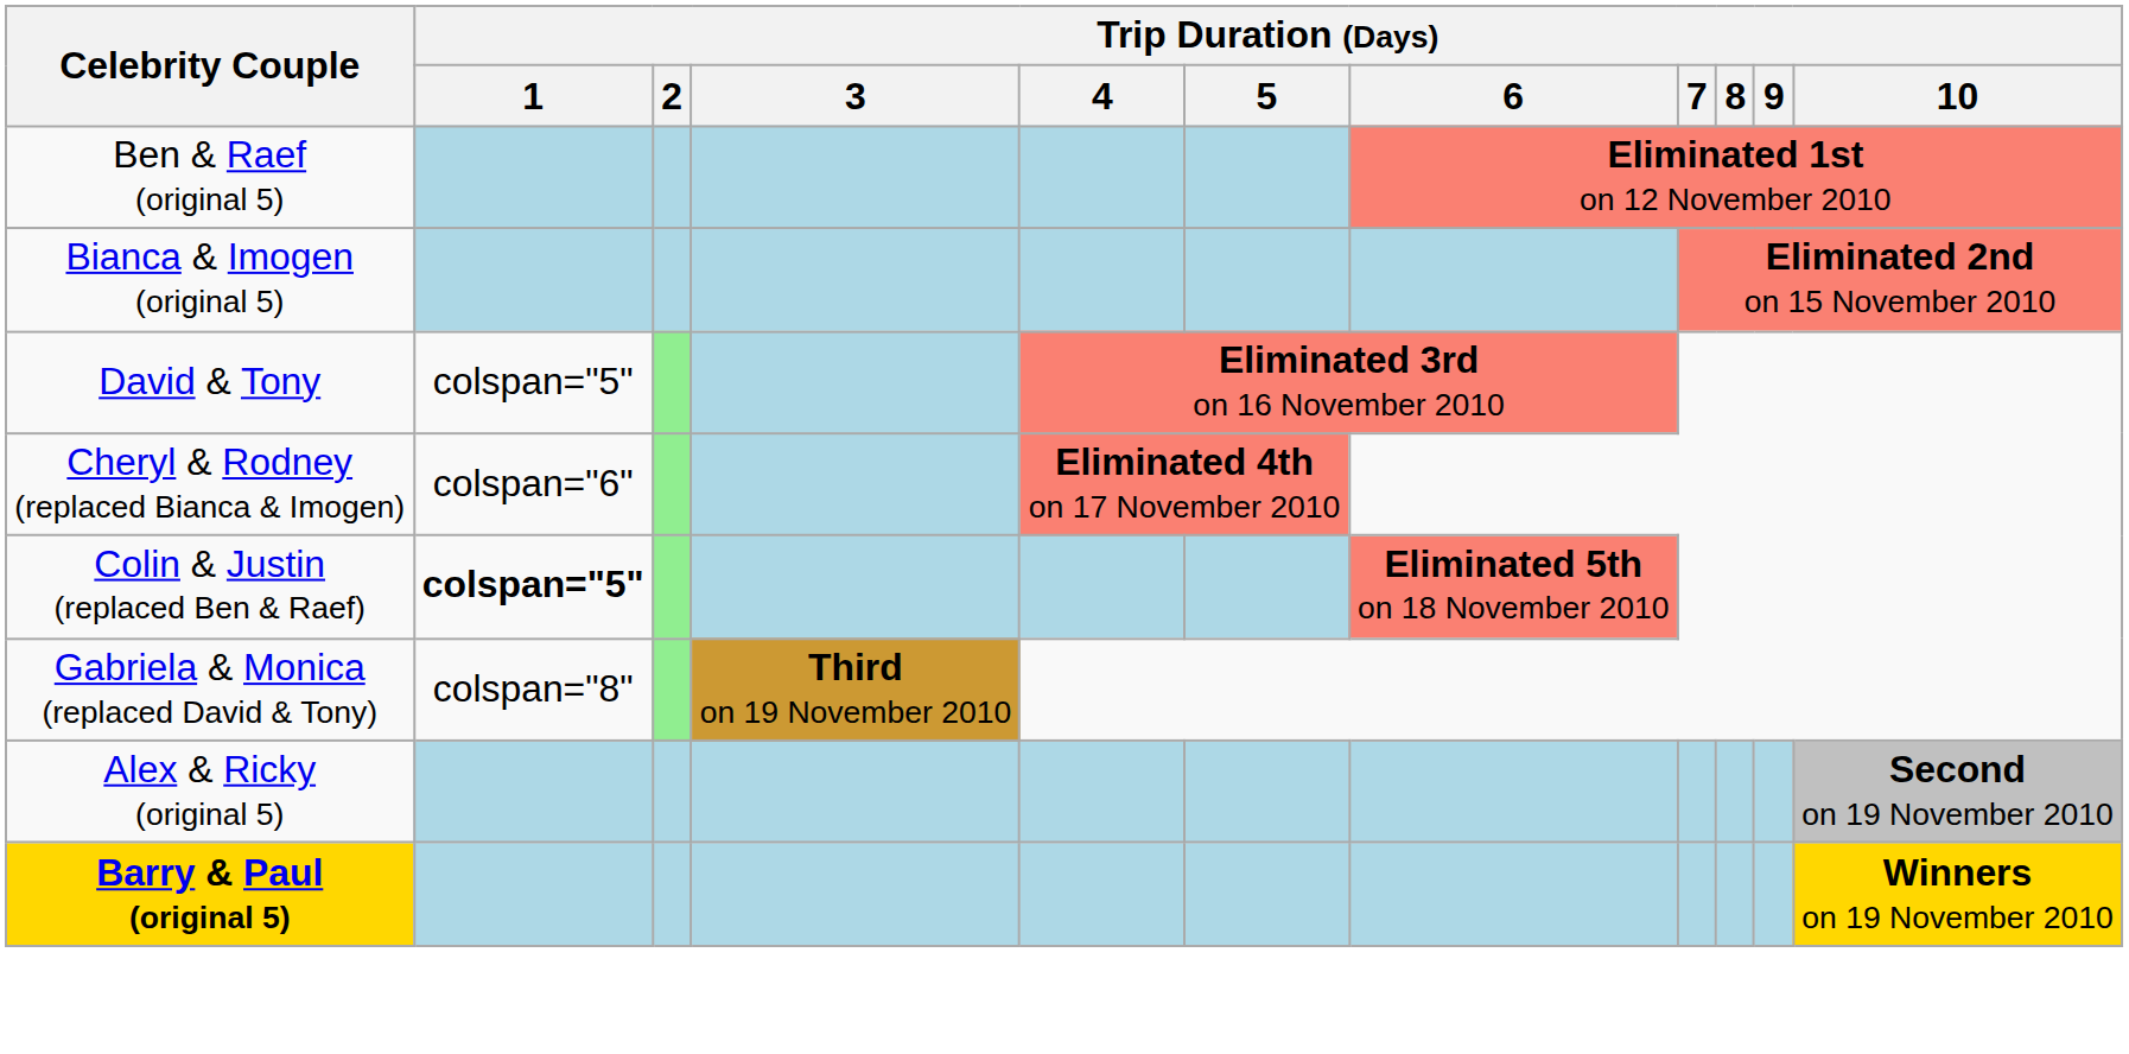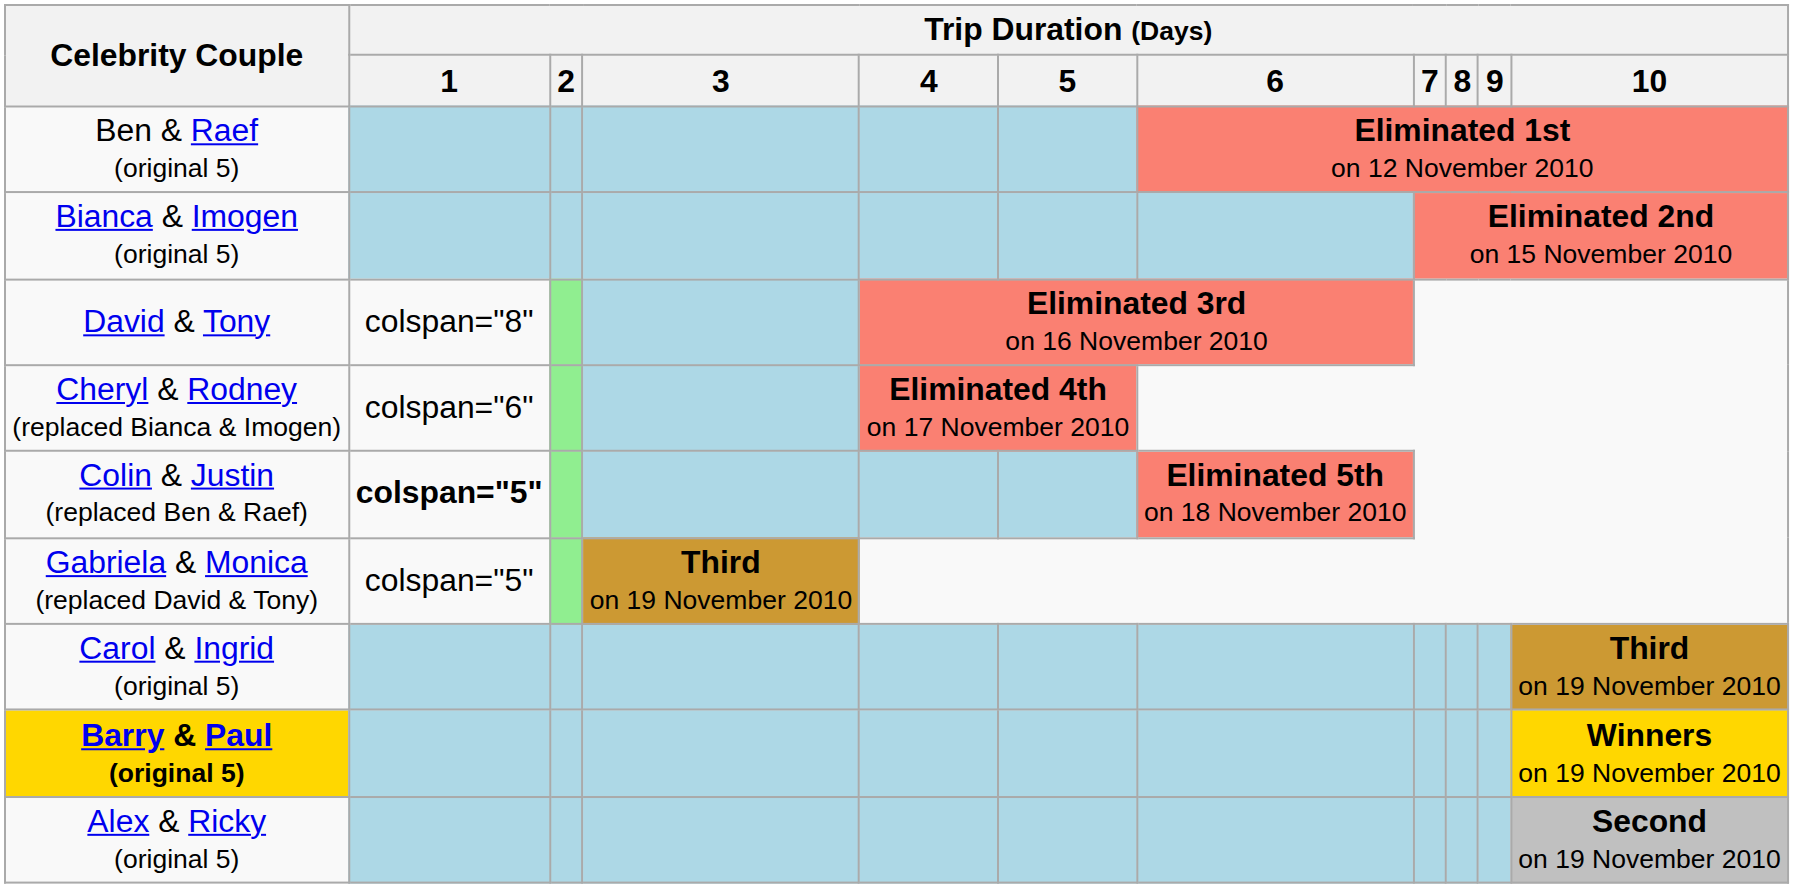 <table class="wikitable" style="text-align:center;">
 <tr>
 <th rowspan="2">Celebrity Couple</th>
 <th colspan="10">Trip Duration <small>(Days)</small></th>
 </tr>
 <tr>
 <th>1</th>
 <th>2</th>
 <th>3</th>
 <th>4</th>
 <th>5</th>
 <th>6</th>
 <th>7</th>
 <th>8</th>
 <th>9</th>
 <th>10</th>
 </tr>
 <tr>
 <td>Ben & <a href='#'>Raef</a><br><small>(original 5)</small></td>
 <td style="background:lightblue;"></td>
 <td style="background:lightblue;"></td>
 <td style="background:lightblue;"></td>
 <td style="background:lightblue;"></td>
 <td style="background:lightblue;"></td>
 <td colspan="5" style="background:salmon;"><strong>Eliminated 1st</strong><br><small>on 12 November 2010</small></td>
 </tr>
 <tr>
 <td><a href='#'>Bianca</a> & <a href='#'>Imogen</a><br><small>(original 5)</small></td>
 <td style="background:lightblue;"></td>
 <td style="background:lightblue;"></td>
 <td style="background:lightblue;"></td>
 <td style="background:lightblue;"></td>
 <td style="background:lightblue;"></td>
 <td style="background:lightblue;"></td>
 <td colspan="4" style="background:salmon;"><strong>Eliminated 2nd</strong><br><small>on 15 November 2010</small></td>
 </tr>
 <tr>
 <td><a href='#'>David</a> & <a href='#'>Tony</a></td>
-<td>colspan="5" </td>
+<td>colspan="8" </td>
 <td style="background:lightgreen;"></td>
 <td style="background:lightblue;"></td>
 <td colspan="3" style="background:salmon;"><strong>Eliminated 3rd</strong><br><small>on 16 November 2010</small></td>
 </tr>
 <tr>
 <td><a href='#'>Cheryl</a> & <a href='#'>Rodney</a><br><small>(replaced Bianca & Imogen)</small></td>
 <td>colspan="6" </td>
 <td style="background:lightgreen;"></td>
 <td style="background:lightblue;"></td>
 <td colspan="2" style="background:salmon;"><strong>Eliminated 4th</strong><br><small>on 17 November 2010</small></td>
 </tr>
 <tr>
 <td><a href='#'>Colin</a> & <a href='#'>Justin</a><br><small>(replaced Ben & Raef)</small></td>
 <td><strong>colspan="5" </strong></td>
 <td style="background:lightgreen;"></td>
 <td style="background:lightblue;"></td>
 <td style="background:lightblue;"></td>
 <td style="background:lightblue;"></td>
 <td style="background:salmon;"><strong>Eliminated 5th</strong><br><small>on 18 November 2010</small></td>
 </tr>
 <tr>
 <td><a href='#'>Gabriela</a> & <a href='#'>Monica</a><br><small>(replaced David & Tony)</small></td>
-<td>colspan="8" </td>
+<td>colspan="5" </td>
 <td style="background:lightgreen;"></td>
 <td style="background:#cc9933;"><strong>Third</strong><br><small>on 19 November 2010</small></td>
+</tr>
+<tr>
+<td><a href='#'>Carol</a> & <a href='#'>Ingrid</a><br><small>(original 5)</small></td>
+<td style="background:lightblue;"></td>
+<td style="background:lightblue;"></td>
+<td style="background:lightblue;"></td>
+<td style="background:lightblue;"></td>
+<td style="background:lightblue;"></td>
+<td style="background:lightblue;"></td>
+<td style="background:lightblue;"></td>
+<td style="background:lightblue;"></td>
+<td style="background:lightblue;"></td>
+<td style="background:#cc9933;"><strong>Third</strong><br><small>on 19 November 2010</small></td>
+</tr>
+<tr>
+<td style="background:gold;"><strong><a href='#'>Barry</a> & <a href='#'>Paul</a></strong><br><small><strong>(original 5)</strong></small></td>
+<td style="background:lightblue;"></td>
+<td style="background:lightblue;"></td>
+<td style="background:lightblue;"></td>
+<td style="background:lightblue;"></td>
+<td style="background:lightblue;"></td>
+<td style="background:lightblue;"></td>
+<td style="background:lightblue;"></td>
+<td style="background:lightblue;"></td>
+<td style="background:lightblue;"></td>
+<td style="background:gold;"><strong>Winners</strong><br><small>on 19 November 2010</small></td>
 </tr>
 <tr>
 <td><a href='#'>Alex</a> & <a href='#'>Ricky</a><br><small>(original 5)</small></td>
 <td style="background:lightblue;"></td>
 <td style="background:lightblue;"></td>
 <td style="background:lightblue;"></td>
 <td style="background:lightblue;"></td>
 <td style="background:lightblue;"></td>
 <td style="background:lightblue;"></td>
 <td style="background:lightblue;"></td>
 <td style="background:lightblue;"></td>
 <td style="background:lightblue;"></td>
 <td style="background:silver;"><strong>Second</strong><br><small>on 19 November 2010</small></td>
 </tr>
-<tr>
-<td style="background:gold;"><strong><a href='#'>Barry</a> & <a href='#'>Paul</a></strong><br><small><strong>(original 5)</strong></small></td>
-<td style="background:lightblue;"></td>
-<td style="background:lightblue;"></td>
-<td style="background:lightblue;"></td>
-<td style="background:lightblue;"></td>
-<td style="background:lightblue;"></td>
-<td style="background:lightblue;"></td>
-<td style="background:lightblue;"></td>
-<td style="background:lightblue;"></td>
-<td style="background:lightblue;"></td>
-<td style="background:gold;"><strong>Winners</strong><br><small>on 19 November 2010</small></td>
-</tr>
 </table>
